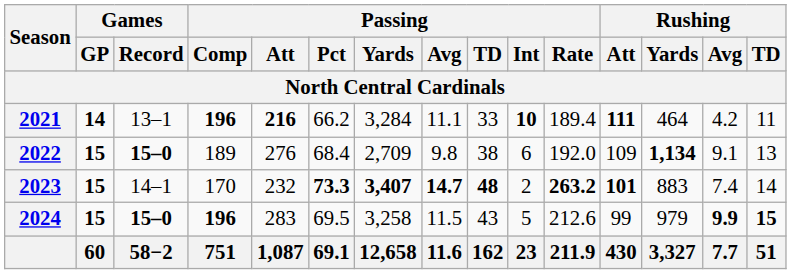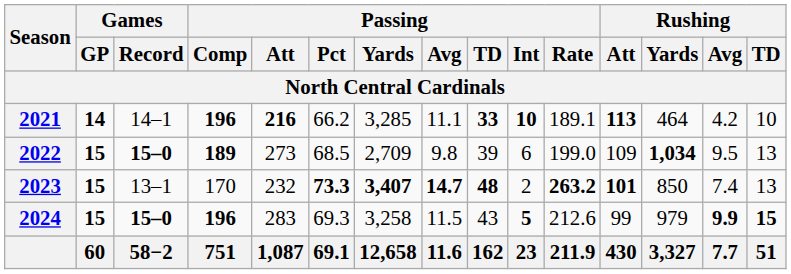 <table class="wikitable" style="text-align:center;">
 <tr>
 <th rowspan="2">Season</th>
 <th colspan="2">Games</th>
 <th colspan="8">Passing</th>
 <th colspan="4">Rushing</th>
 </tr>
 <tr>
 <th>GP</th>
 <th>Record</th>
 <th>Comp</th>
 <th>Att</th>
 <th>Pct</th>
 <th>Yards</th>
 <th>Avg</th>
 <th>TD</th>
 <th>Int</th>
 <th>Rate</th>
 <th>Att</th>
 <th>Yards</th>
 <th>Avg</th>
 <th>TD</th>
 </tr>
 <tr>
 <th colspan="16">North Central Cardinals</th>
 </tr>
 <tr>
 <th><a href='#'>2021</a></th>
 <td><strong>14</strong></td>
-<td>13–1</td>
+<td>14–1</td>
 <td><strong>196</strong></td>
 <td><strong>216</strong></td>
 <td>66.2</td>
-<td>3,284</td>
+<td>3,285</td>
 <td>11.1</td>
-<td>33</td>
+<td><strong>33</strong></td>
 <td><strong>10</strong></td>
-<td>189.4</td>
-<td><strong>111</strong></td>
+<td>189.1</td>
+<td><strong>113</strong></td>
 <td>464</td>
 <td>4.2</td>
-<td>11</td>
+<td>10</td>
 </tr>
 <tr>
 <th><a href='#'>2022</a></th>
 <td><strong>15</strong></td>
 <td><strong>15–0</strong></td>
-<td>189</td>
-<td>276</td>
-<td>68.4</td>
+<td><strong>189</strong></td>
+<td>273</td>
+<td>68.5</td>
 <td>2,709</td>
 <td>9.8</td>
-<td>38</td>
+<td>39</td>
 <td>6</td>
-<td>192.0</td>
+<td>199.0</td>
 <td>109</td>
-<td><strong>1,134</strong></td>
-<td>9.1</td>
+<td><strong>1,034</strong></td>
+<td>9.5</td>
 <td>13</td>
 </tr>
 <tr>
 <th><a href='#'>2023</a></th>
 <td><strong>15</strong></td>
-<td>14–1</td>
+<td>13–1</td>
 <td>170</td>
 <td>232</td>
 <td><strong>73.3</strong></td>
 <td><strong>3,407</strong></td>
 <td><strong>14.7</strong></td>
 <td><strong>48</strong></td>
 <td>2</td>
 <td><strong>263.2</strong></td>
 <td><strong>101</strong></td>
-<td>883</td>
+<td>850</td>
 <td>7.4</td>
-<td>14</td>
+<td>13</td>
 </tr>
 <tr>
 <th><a href='#'>2024</a></th>
 <td><strong>15</strong></td>
 <td><strong>15–0</strong></td>
 <td><strong>196</strong></td>
 <td>283</td>
-<td>69.5</td>
+<td>69.3</td>
 <td>3,258</td>
 <td>11.5</td>
 <td>43</td>
-<td>5</td>
+<td><strong>5</strong></td>
 <td>212.6</td>
 <td>99</td>
 <td>979</td>
 <td><strong>9.9</strong></td>
 <td><strong>15</strong></td>
 </tr>
 <tr>
 <th></th>
 <th>60</th>
 <th>58−2</th>
 <th>751</th>
 <th>1,087</th>
 <th>69.1</th>
 <th>12,658</th>
 <th>11.6</th>
 <th>162</th>
 <th>23</th>
 <th>211.9</th>
 <th>430</th>
 <th>3,327</th>
 <th>7.7</th>
 <th>51</th>
 </tr>
 </table>
